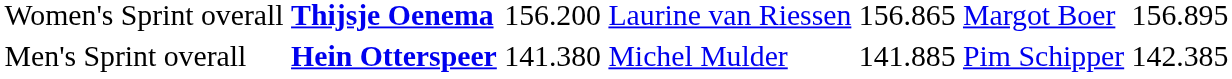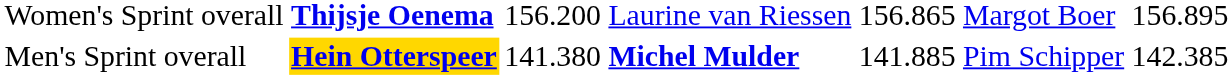 <table>
 <tr>
 <td>Women's Sprint overall</td>
 <td><strong><a href='#'>Thijsje Oenema</a></strong></td>
 <td>156.200</td>
 <td><a href='#'>Laurine van Riessen</a></td>
 <td>156.865</td>
 <td><a href='#'>Margot Boer</a></td>
 <td>156.895</td>
 </tr>
 <tr>
 <td>Men's Sprint overall</td>
-<td><strong><a href='#'>Hein Otterspeer</a></strong></td>
+<td style="background: gold;"><strong><a href='#'>Hein Otterspeer</a></strong></td>
 <td>141.380</td>
-<td><a href='#'>Michel Mulder</a></td>
+<td><strong><a href='#'>Michel Mulder</a></strong></td>
 <td>141.885</td>
 <td><a href='#'>Pim Schipper</a></td>
 <td>142.385</td>
 </tr>
 </table>
